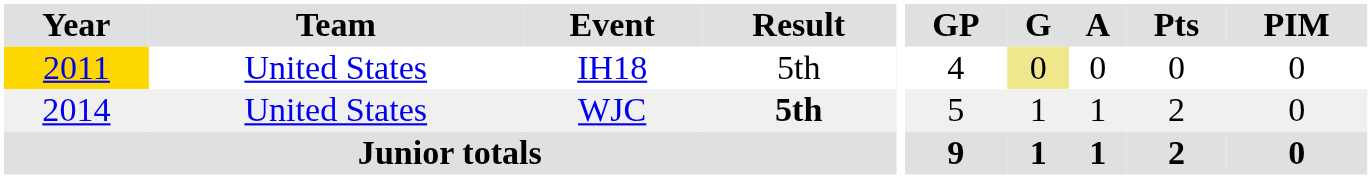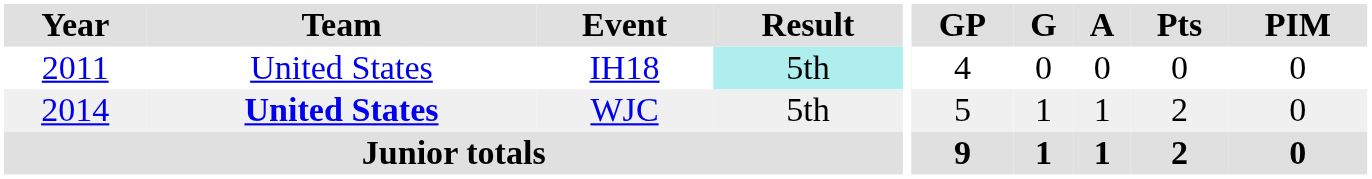 <table border="0" cellpadding="1" cellspacing="0" ID="Table3" style="text-align:center; width:40em">
 <tr ALIGN="center" bgcolor="#e0e0e0">
 <th>Year</th>
 <th>Team</th>
 <th>Event</th>
 <th>Result</th>
 <th rowspan="99" bgcolor="#ffffff"></th>
 <th>GP</th>
 <th>G</th>
 <th>A</th>
 <th>Pts</th>
 <th>PIM</th>
 </tr>
 <tr>
-<td style="background: gold;"><a href='#'>2011</a></td>
+<td><a href='#'>2011</a></td>
 <td><a href='#'>United States</a></td>
 <td><a href='#'>IH18</a></td>
-<td>5th</td>
+<td style="background: paleturquoise;">5th</td>
 <td>4</td>
-<td style="background: khaki;">0</td>
+<td>0</td>
 <td>0</td>
 <td>0</td>
 <td>0</td>
 </tr>
 <tr bgcolor="#f0f0f0">
 <td><a href='#'>2014</a></td>
-<td><a href='#'>United States</a></td>
+<td><strong><a href='#'>United States</a></strong></td>
 <td><a href='#'>WJC</a></td>
-<td><strong>5th</strong></td>
+<td>5th</td>
 <td>5</td>
 <td>1</td>
 <td>1</td>
 <td>2</td>
 <td>0</td>
 </tr>
 <tr bgcolor="#e0e0e0">
 <th colspan="4">Junior totals</th>
 <th>9</th>
 <th>1</th>
 <th>1</th>
 <th>2</th>
 <th>0</th>
 </tr>
 </table>
